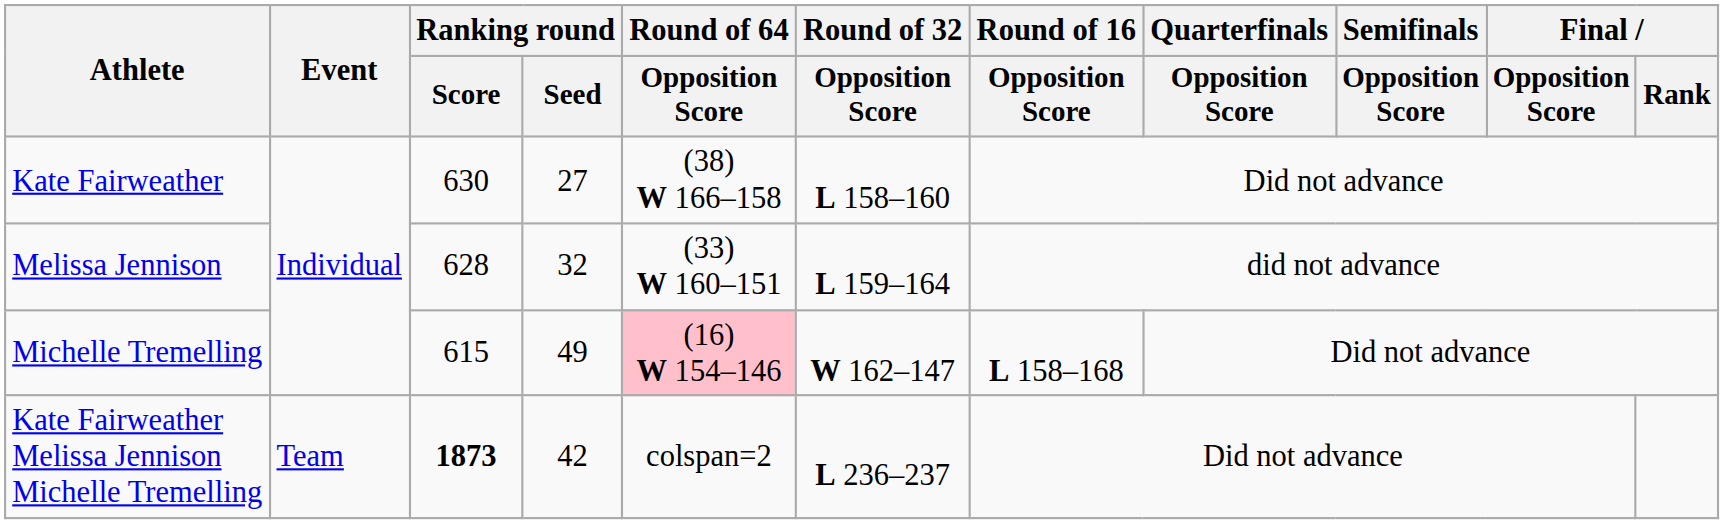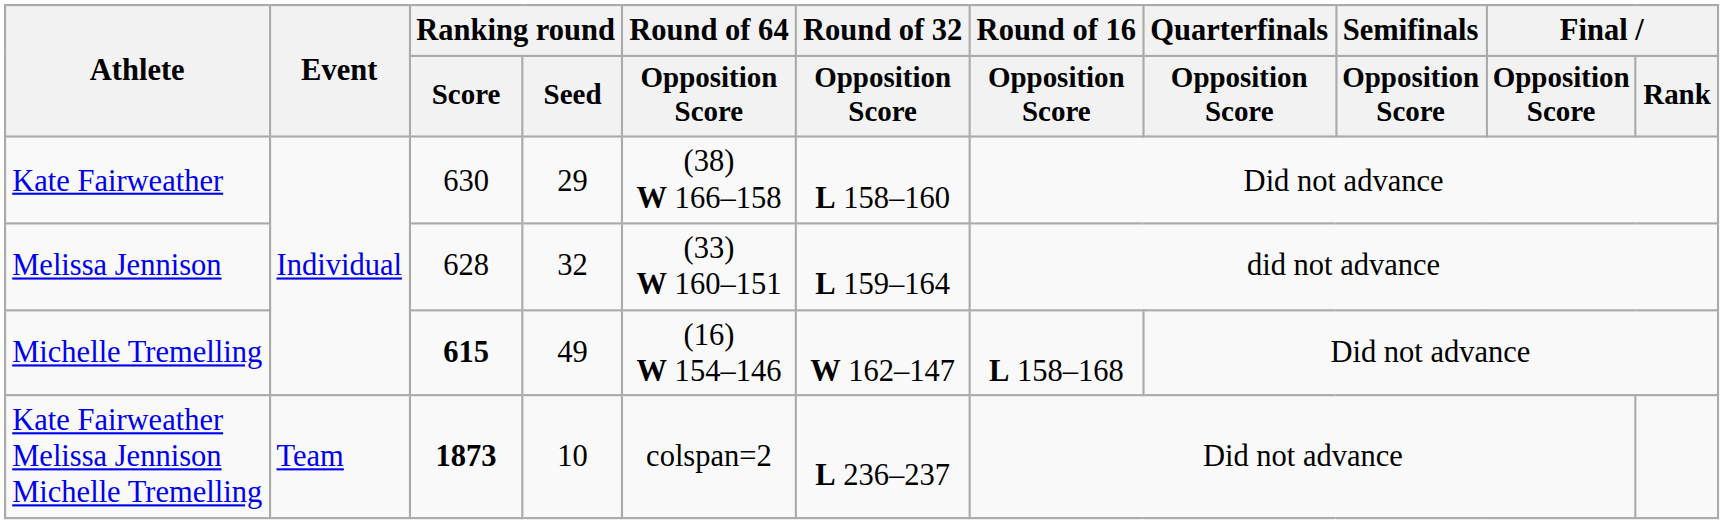 <table class="wikitable" style="font-size:90%">
 <tr>
 <th rowspan="2">Athlete</th>
 <th rowspan="2">Event</th>
 <th colspan="2">Ranking round</th>
 <th>Round of 64</th>
 <th>Round of 32</th>
 <th>Round of 16</th>
 <th>Quarterfinals</th>
 <th>Semifinals</th>
 <th colspan="2">Final / </th>
 </tr>
 <tr style="font-size:95%">
 <th>Score</th>
 <th>Seed</th>
 <th>Opposition<br>Score</th>
 <th>Opposition<br>Score</th>
 <th>Opposition<br>Score</th>
 <th>Opposition<br>Score</th>
 <th>Opposition<br>Score</th>
 <th>Opposition<br>Score</th>
 <th>Rank</th>
 </tr>
 <tr align=center>
 <td align=left><a href='#'>Kate Fairweather</a></td>
 <td align=left rowspan=3><a href='#'>Individual</a></td>
 <td>630</td>
-<td>27</td>
+<td>29</td>
 <td> (38)<br><strong>W</strong> 166–158</td>
 <td><br><strong>L</strong> 158–160</td>
 <td colspan="5">Did not advance</td>
 </tr>
 <tr align=center>
 <td align=left><a href='#'>Melissa Jennison</a></td>
 <td>628</td>
 <td>32</td>
 <td> (33)<br><strong>W</strong> 160–151</td>
 <td> <br><strong>L</strong> 159–164</td>
 <td colspan=5>did not advance</td>
 </tr>
 <tr align=center>
 <td align=left><a href='#'>Michelle Tremelling</a></td>
-<td>615</td>
+<td><strong>615</strong></td>
 <td>49</td>
-<td style="background: pink;"> (16)<br><strong>W</strong> 154–146</td>
+<td> (16)<br><strong>W</strong> 154–146</td>
 <td><br><strong>W</strong> 162–147</td>
 <td> <br><strong>L</strong> 158–168</td>
 <td colspan="4">Did not advance</td>
 </tr>
 <tr align=center>
 <td align=left><a href='#'>Kate Fairweather</a><br><a href='#'>Melissa Jennison</a><br><a href='#'>Michelle Tremelling</a></td>
 <td align=left><a href='#'>Team</a></td>
 <td><strong>1873</strong></td>
-<td>42</td>
+<td>10</td>
 <td>colspan=2 </td>
 <td><br><strong>L</strong> 236–237</td>
 <td colspan=4>Did not advance</td>
 </tr>
 </table>
